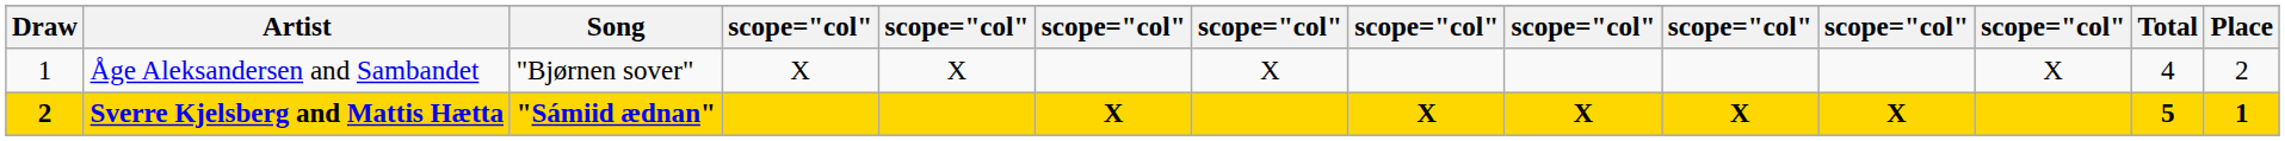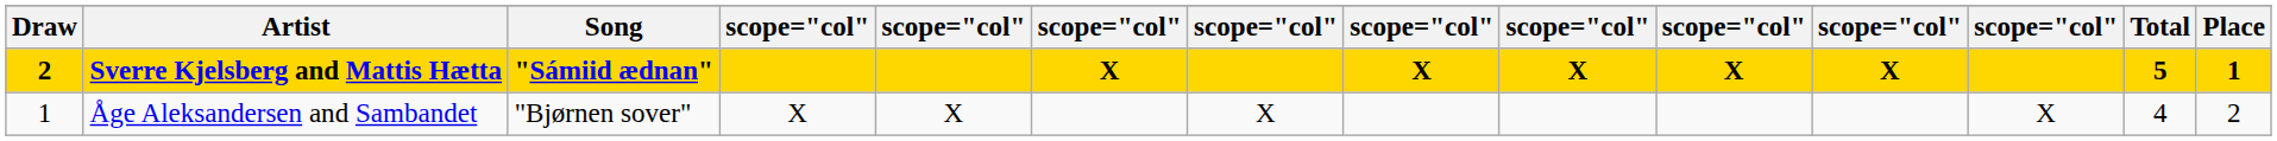 <table class="wikitable plainrowheaders" style="margin: 1em auto 1em auto; text-align:center;">
 <tr>
 </tr>
 <tr>
 <th scope="col">Draw</th>
 <th scope="col">Artist</th>
 <th scope="col">Song</th>
 <th>scope="col" </th>
 <th>scope="col" </th>
 <th>scope="col" </th>
 <th>scope="col" </th>
 <th>scope="col" </th>
 <th>scope="col" </th>
 <th>scope="col" </th>
 <th>scope="col" </th>
 <th>scope="col" </th>
 <th scope="col">Total</th>
 <th scope="col">Place</th>
 </tr>
+<tr style="font-weight:bold; background:gold;">
+<td>2</td>
+<td align="left"><a href='#'>Sverre Kjelsberg</a> and <a href='#'>Mattis Hætta</a></td>
+<td align="left">"<a href='#'>Sámiid ædnan</a>"</td>
+<td></td>
+<td></td>
+<td>X</td>
+<td></td>
+<td>X</td>
+<td>X</td>
+<td>X</td>
+<td>X</td>
+<td></td>
+<td>5</td>
+<td>1</td>
+</tr>
 <tr>
 <td>1</td>
 <td align="left"><a href='#'>Åge Aleksandersen</a> and <a href='#'>Sambandet</a></td>
 <td align="left">"Bjørnen sover"</td>
 <td>X</td>
 <td>X</td>
 <td></td>
 <td>X</td>
 <td></td>
 <td></td>
 <td></td>
 <td></td>
 <td>X</td>
 <td>4</td>
 <td>2</td>
 </tr>
-<tr style="font-weight:bold; background:gold;">
-<td>2</td>
-<td align="left"><a href='#'>Sverre Kjelsberg</a> and <a href='#'>Mattis Hætta</a></td>
-<td align="left">"<a href='#'>Sámiid ædnan</a>"</td>
-<td></td>
-<td></td>
-<td>X</td>
-<td></td>
-<td>X</td>
-<td>X</td>
-<td>X</td>
-<td>X</td>
-<td></td>
-<td>5</td>
-<td>1</td>
-</tr>
 </table>
